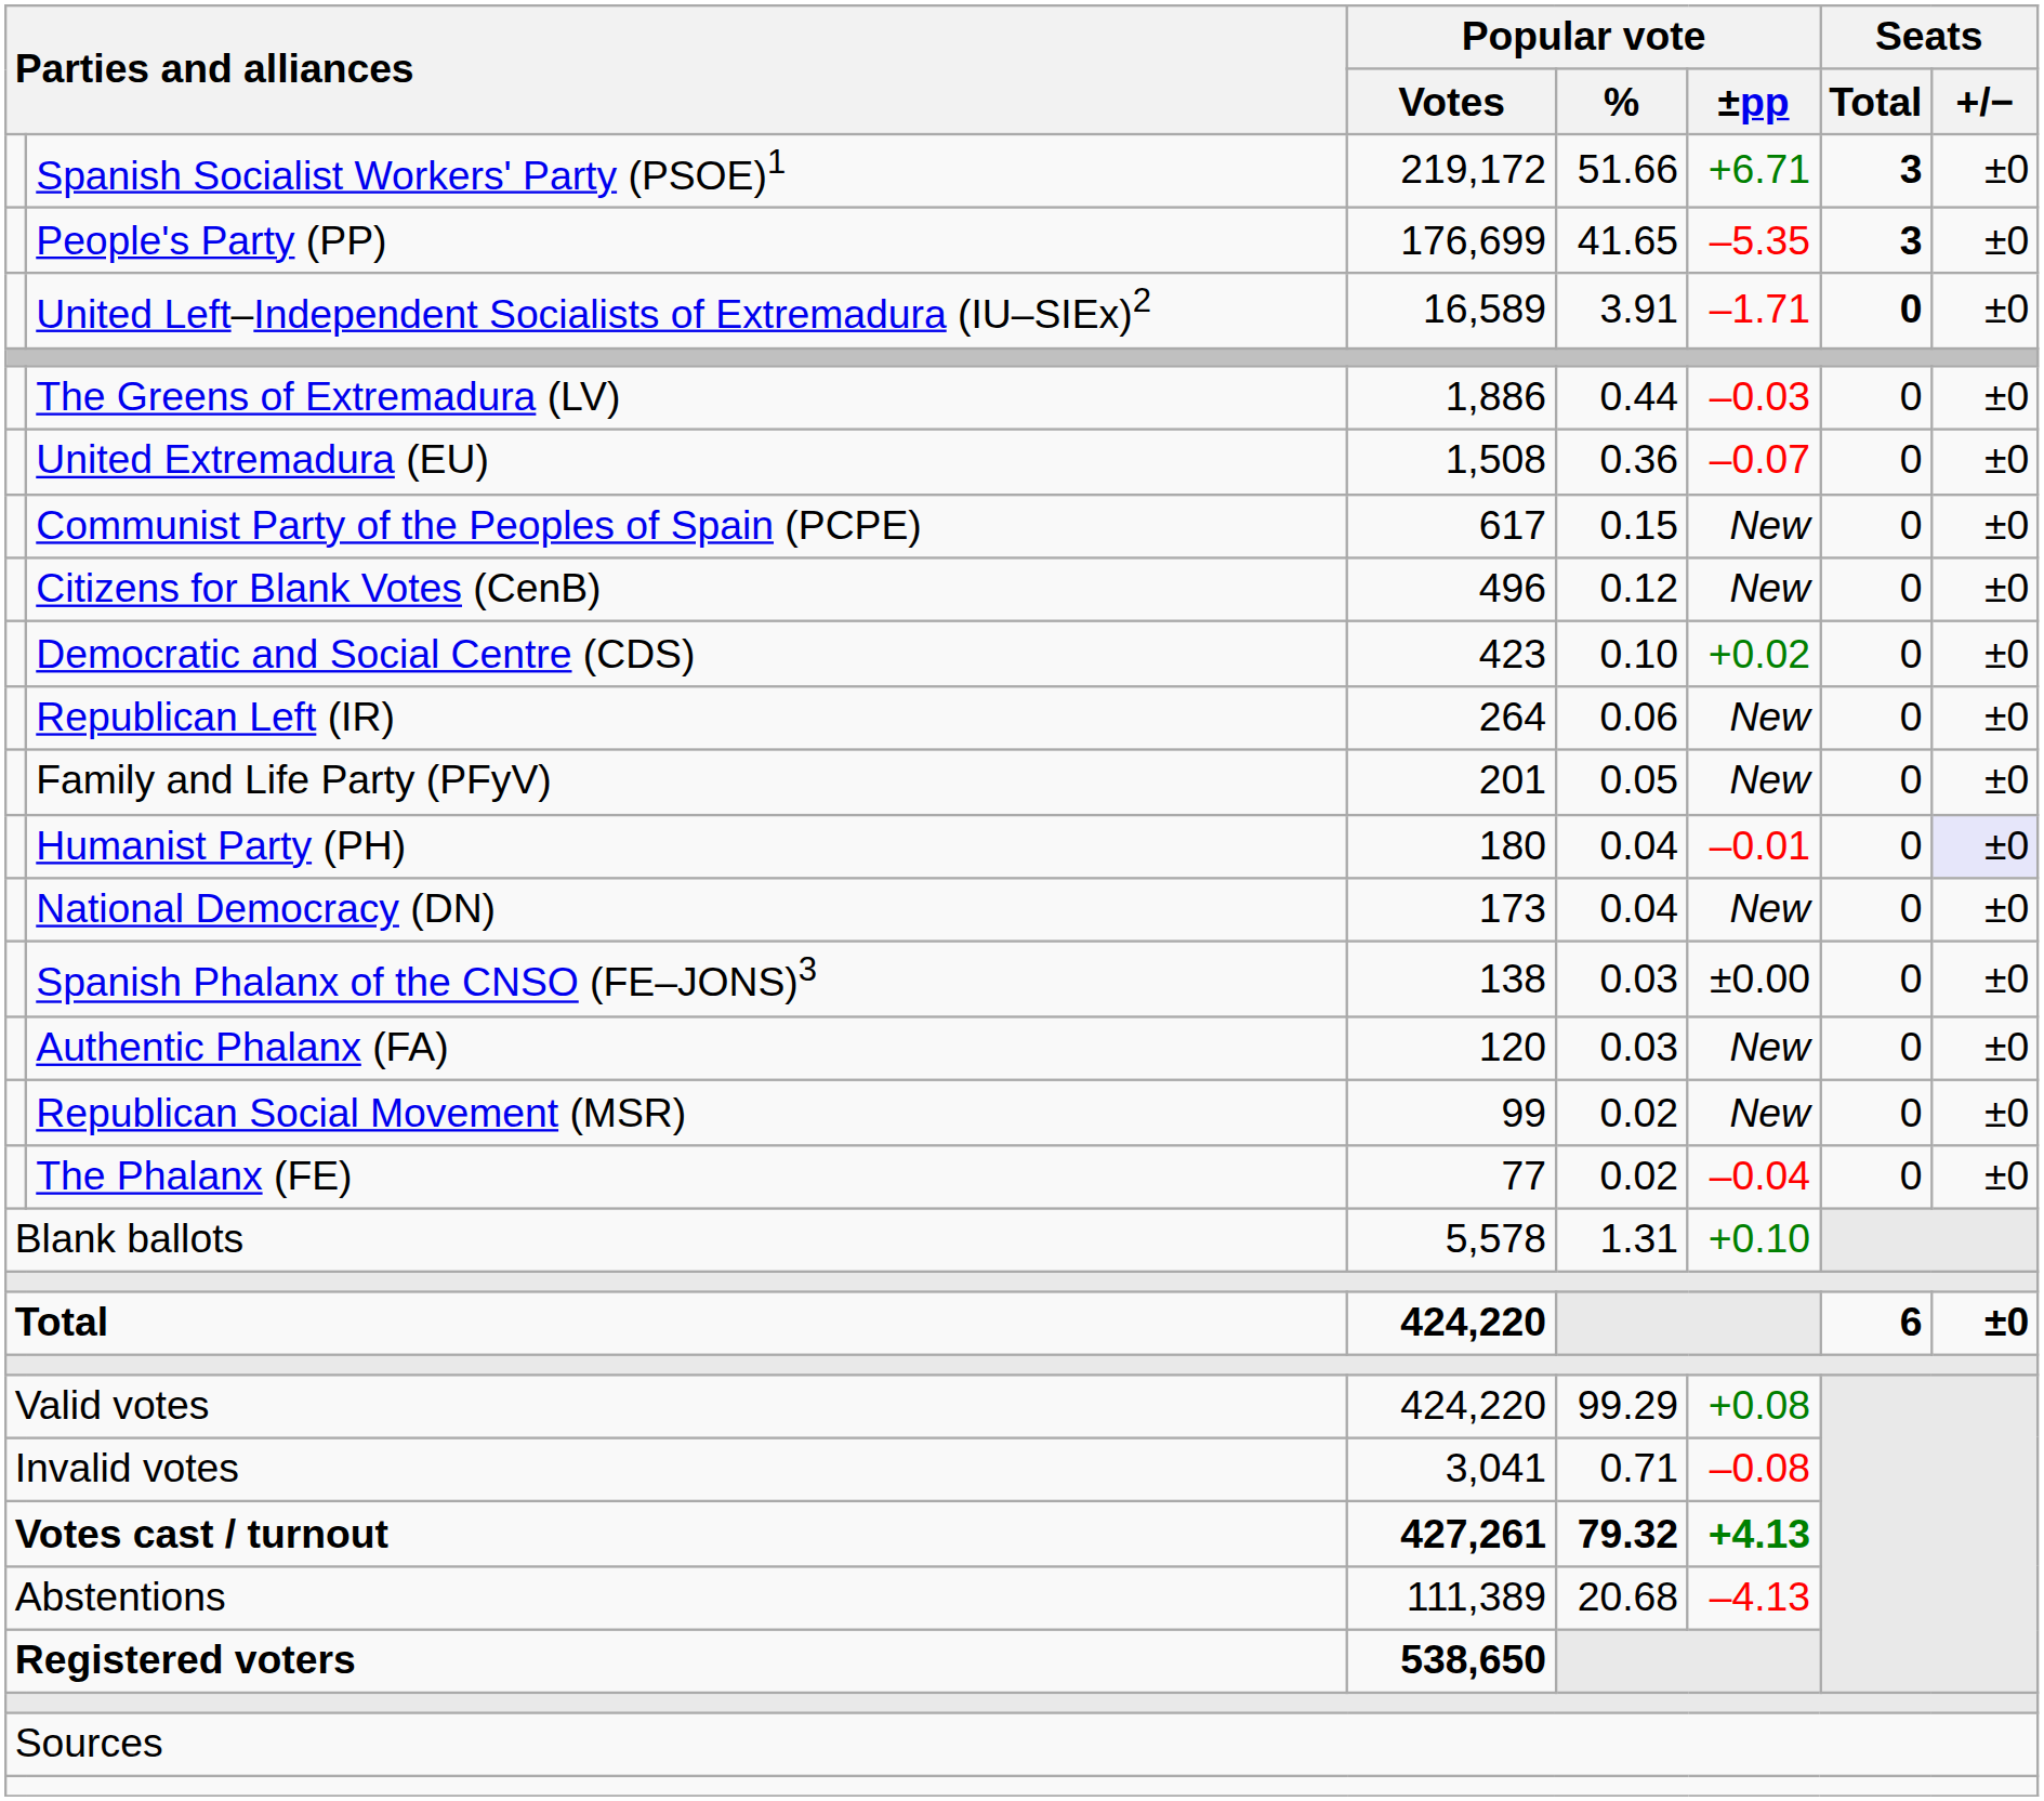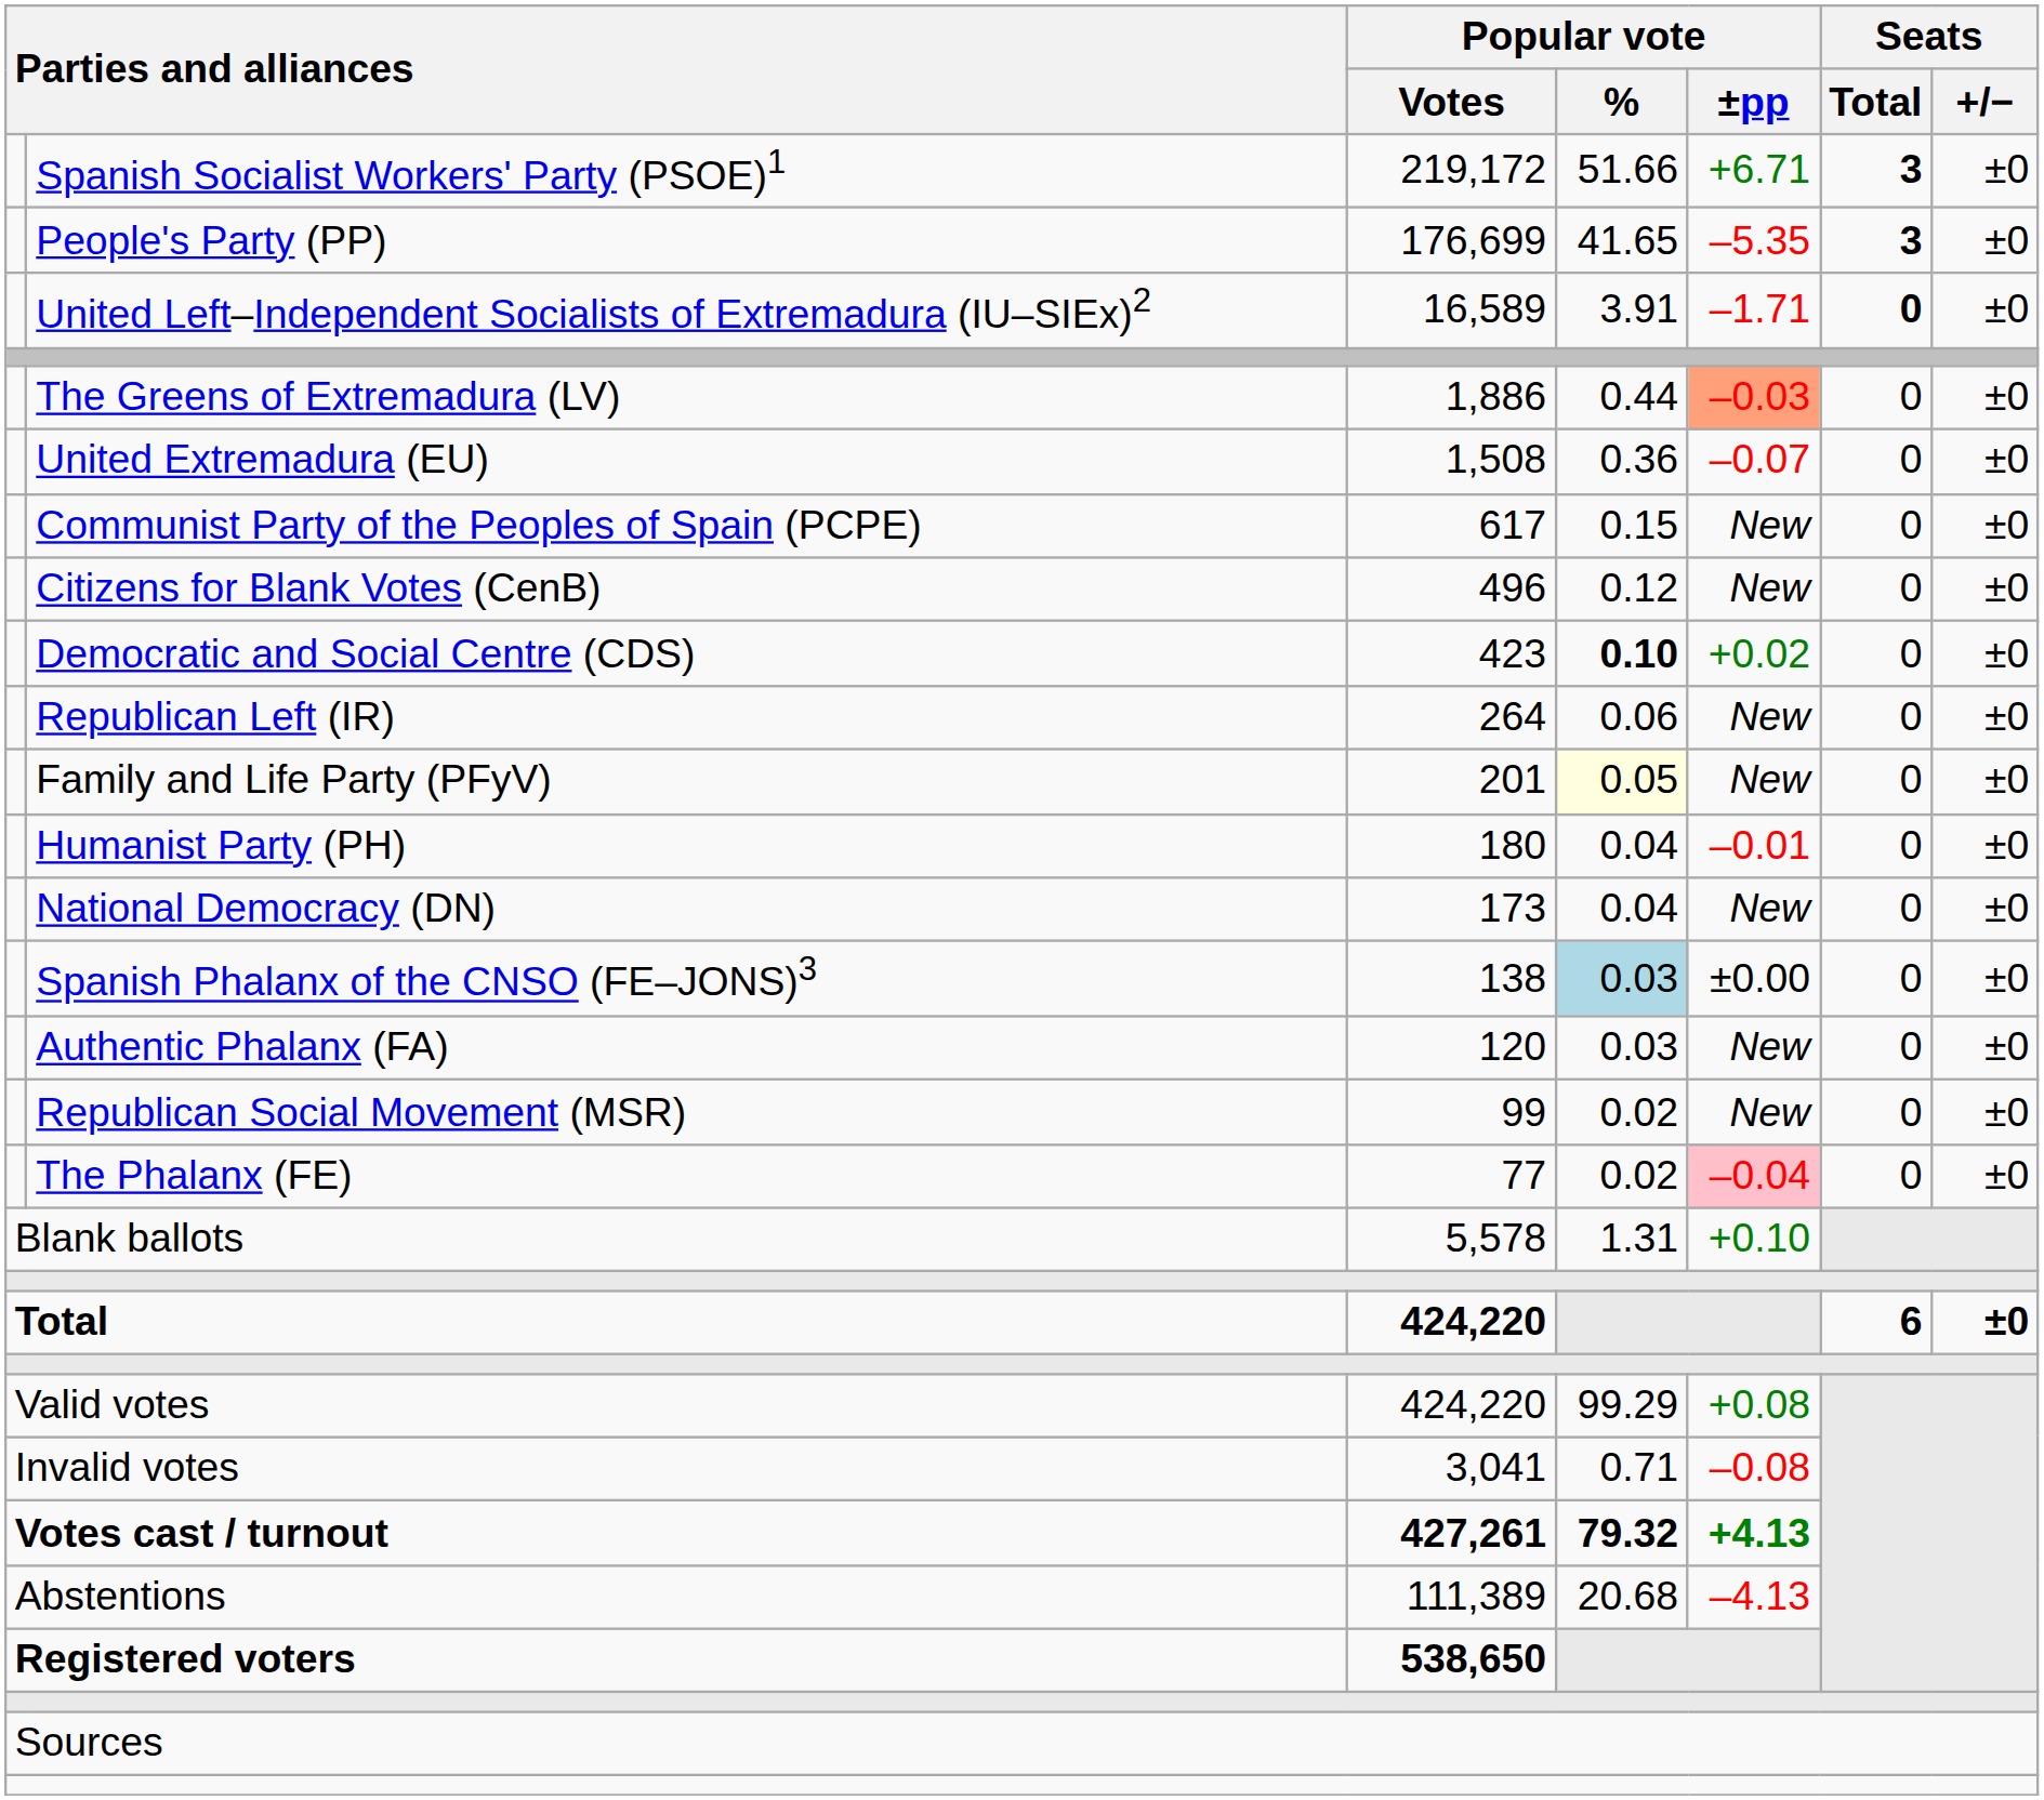 <table class="wikitable" style="text-align:right;">
 <tr>
 <th style="text-align:left;" rowspan="2" colspan="2" width="525">Parties and alliances</th>
 <th colspan="3">Popular vote</th>
 <th colspan="2">Seats</th>
 </tr>
 <tr>
 <th width="75">Votes</th>
 <th width="45">%</th>
 <th width="45">±<a href='#'>pp</a></th>
 <th width="35">Total</th>
 <th width="35">+/−</th>
 </tr>
 <tr>
 <td width="1" style="color:inherit;background:"></td>
 <td align="left"><a href='#'>Spanish Socialist Workers' Party</a> (PSOE)<sup>1</sup></td>
 <td>219,172</td>
 <td>51.66</td>
 <td style="color:green;">+6.71</td>
 <td><strong>3</strong></td>
 <td>±0</td>
 </tr>
 <tr>
 <td style="color:inherit;background:"></td>
 <td align="left"><a href='#'>People's Party</a> (PP)</td>
 <td>176,699</td>
 <td>41.65</td>
 <td style="color:red;">–5.35</td>
 <td><strong>3</strong></td>
 <td>±0</td>
 </tr>
 <tr>
 <td style="color:inherit;background:"></td>
 <td align="left"><a href='#'>United Left</a>–<a href='#'>Independent Socialists of Extremadura</a> (IU–SIEx)<sup>2</sup></td>
 <td>16,589</td>
 <td>3.91</td>
 <td style="color:red;">–1.71</td>
 <td><strong>0</strong></td>
 <td>±0</td>
 </tr>
 <tr>
 <td colspan="7" bgcolor="#C0C0C0"></td>
 </tr>
 <tr>
 <td style="color:inherit;background:"></td>
 <td align="left"><a href='#'>The Greens of Extremadura</a> (LV)</td>
 <td>1,886</td>
 <td>0.44</td>
-<td style="color:red;">–0.03</td>
+<td style="background: lightsalmon; color:red;">–0.03</td>
 <td>0</td>
 <td>±0</td>
 </tr>
 <tr>
 <td style="color:inherit;background:"></td>
 <td align="left"><a href='#'>United Extremadura</a> (EU)</td>
 <td>1,508</td>
 <td>0.36</td>
 <td style="color:red;">–0.07</td>
 <td>0</td>
 <td>±0</td>
 </tr>
 <tr>
 <td style="color:inherit;background:"></td>
 <td align="left"><a href='#'>Communist Party of the Peoples of Spain</a> (PCPE)</td>
 <td>617</td>
 <td>0.15</td>
 <td><em>New</em></td>
 <td>0</td>
 <td>±0</td>
 </tr>
 <tr>
 <td style="color:inherit;background:"></td>
 <td align="left"><a href='#'>Citizens for Blank Votes</a> (CenB)</td>
 <td>496</td>
 <td>0.12</td>
 <td><em>New</em></td>
 <td>0</td>
 <td>±0</td>
 </tr>
 <tr>
 <td style="color:inherit;background:"></td>
 <td align="left"><a href='#'>Democratic and Social Centre</a> (CDS)</td>
 <td>423</td>
-<td>0.10</td>
+<td><strong>0.10</strong></td>
 <td style="color:green;">+0.02</td>
 <td>0</td>
 <td>±0</td>
 </tr>
 <tr>
 <td style="color:inherit;background:"></td>
 <td align="left"><a href='#'>Republican Left</a> (IR)</td>
 <td>264</td>
 <td>0.06</td>
 <td><em>New</em></td>
 <td>0</td>
 <td>±0</td>
 </tr>
 <tr>
 <td style="color:inherit;background:"></td>
 <td align="left">Family and Life Party (PFyV)</td>
 <td>201</td>
-<td>0.05</td>
+<td style="background: lightyellow;">0.05</td>
 <td><em>New</em></td>
 <td>0</td>
 <td>±0</td>
 </tr>
 <tr>
 <td style="color:inherit;background:"></td>
 <td align="left"><a href='#'>Humanist Party</a> (PH)</td>
 <td>180</td>
 <td>0.04</td>
 <td style="color:red;">–0.01</td>
 <td>0</td>
-<td style="background: lavender;">±0</td>
+<td>±0</td>
 </tr>
 <tr>
 <td style="color:inherit;background:"></td>
 <td align="left"><a href='#'>National Democracy</a> (DN)</td>
 <td>173</td>
 <td>0.04</td>
 <td><em>New</em></td>
 <td>0</td>
 <td>±0</td>
 </tr>
 <tr>
 <td style="color:inherit;background:"></td>
 <td align="left"><a href='#'>Spanish Phalanx of the CNSO</a> (FE–JONS)<sup>3</sup></td>
 <td>138</td>
-<td>0.03</td>
+<td style="background: lightblue;">0.03</td>
 <td>±0.00</td>
 <td>0</td>
 <td>±0</td>
 </tr>
 <tr>
 <td style="color:inherit;background:"></td>
 <td align="left"><a href='#'>Authentic Phalanx</a> (FA)</td>
 <td>120</td>
 <td>0.03</td>
 <td><em>New</em></td>
 <td>0</td>
 <td>±0</td>
 </tr>
 <tr>
 <td style="color:inherit;background:"></td>
 <td align="left"><a href='#'>Republican Social Movement</a> (MSR)</td>
 <td>99</td>
 <td>0.02</td>
 <td><em>New</em></td>
 <td>0</td>
 <td>±0</td>
 </tr>
 <tr>
 <td style="color:inherit;background:"></td>
 <td align="left"><a href='#'>The Phalanx</a> (FE)</td>
 <td>77</td>
 <td>0.02</td>
-<td style="color:red;">–0.04</td>
+<td style="background: pink; color:red;">–0.04</td>
 <td>0</td>
 <td>±0</td>
 </tr>
 <tr>
 <td align="left" colspan="2">Blank ballots</td>
 <td>5,578</td>
 <td>1.31</td>
 <td style="color:green;">+0.10</td>
 <td bgcolor="#E9E9E9" colspan="2"></td>
 </tr>
 <tr>
 <td colspan="7" bgcolor="#E9E9E9"></td>
 </tr>
 <tr style="font-weight:bold;">
 <td align="left" colspan="2">Total</td>
 <td>424,220</td>
 <td bgcolor="#E9E9E9" colspan="2"></td>
 <td>6</td>
 <td>±0</td>
 </tr>
 <tr>
 <td colspan="7" bgcolor="#E9E9E9"></td>
 </tr>
 <tr>
 <td align="left" colspan="2">Valid votes</td>
 <td>424,220</td>
 <td>99.29</td>
 <td style="color:green;">+0.08</td>
 <td bgcolor="#E9E9E9" colspan="2" rowspan="5"></td>
 </tr>
 <tr>
 <td align="left" colspan="2">Invalid votes</td>
 <td>3,041</td>
 <td>0.71</td>
 <td style="color:red;">–0.08</td>
 </tr>
 <tr style="font-weight:bold;">
 <td align="left" colspan="2">Votes cast / turnout</td>
 <td>427,261</td>
 <td>79.32</td>
 <td style="color:green;">+4.13</td>
 </tr>
 <tr>
 <td align="left" colspan="2">Abstentions</td>
 <td>111,389</td>
 <td>20.68</td>
 <td style="color:red;">–4.13</td>
 </tr>
 <tr style="font-weight:bold;">
 <td align="left" colspan="2">Registered voters</td>
 <td>538,650</td>
 <td bgcolor="#E9E9E9" colspan="2"></td>
 </tr>
 <tr>
 <td colspan="7" bgcolor="#E9E9E9"></td>
 </tr>
 <tr>
 <td align="left" colspan="7">Sources</td>
 </tr>
 <tr>
 <td colspan="7" style="text-align:left; max-width:790px;"></td>
 </tr>
 </table>
